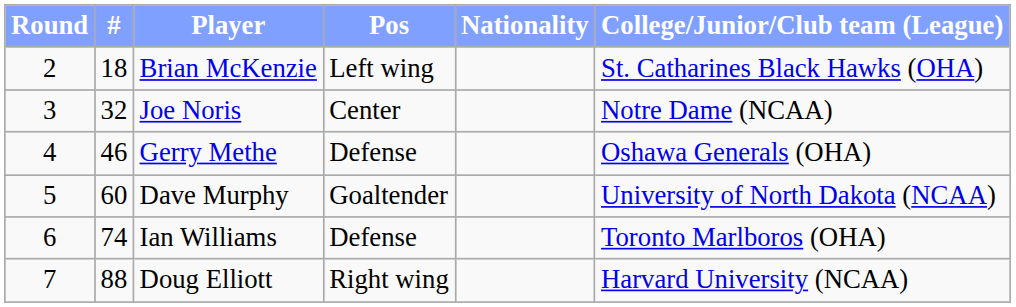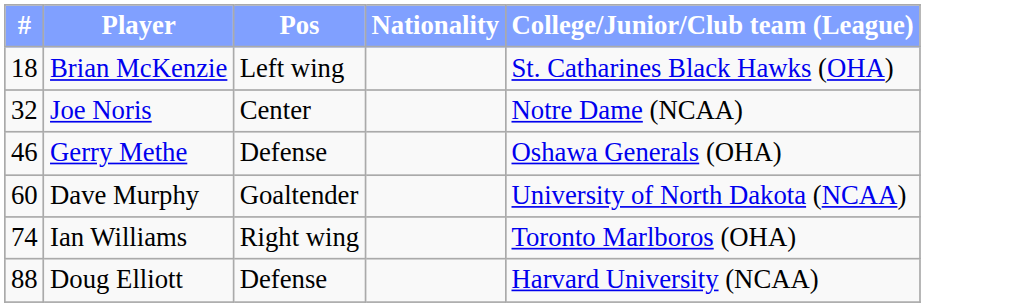 <table class="wikitable">
 <tr>
-<th style="color:white; background:#80A0FF; ">Round</th>
 <th style="color:white; background:#80A0FF; ">#</th>
 <th style="color:white; background:#80A0FF; ">Player</th>
 <th style="color:white; background:#80A0FF; ">Pos</th>
 <th style="color:white; background:#80A0FF; ">Nationality</th>
 <th style="color:white; background:#80A0FF; ">College/Junior/Club team (League)</th>
 </tr>
 <tr>
-<td style="text-align:center">2</td>
 <td style="text-align:center">18</td>
 <td><a href='#'>Brian McKenzie</a></td>
 <td>Left wing</td>
 <td></td>
 <td><a href='#'>St. Catharines Black Hawks</a> (<a href='#'>OHA</a>)</td>
 </tr>
 <tr>
-<td style="text-align:center">3</td>
 <td style="text-align:center">32</td>
 <td><a href='#'>Joe Noris</a></td>
 <td>Center</td>
 <td></td>
 <td><a href='#'>Notre Dame</a> (NCAA)</td>
 </tr>
 <tr>
-<td style="text-align:center">4</td>
 <td style="text-align:center">46</td>
 <td><a href='#'>Gerry Methe</a></td>
 <td>Defense</td>
 <td></td>
 <td><a href='#'>Oshawa Generals</a> (OHA)</td>
 </tr>
 <tr>
-<td style="text-align:center">5</td>
 <td style="text-align:center">60</td>
 <td>Dave Murphy</td>
 <td>Goaltender</td>
 <td></td>
 <td><a href='#'>University of North Dakota</a> (<a href='#'>NCAA</a>)</td>
 </tr>
 <tr>
-<td style="text-align:center">6</td>
 <td style="text-align:center">74</td>
 <td>Ian Williams</td>
-<td>Defense</td>
+<td>Right wing</td>
 <td></td>
 <td><a href='#'>Toronto Marlboros</a> (OHA)</td>
 </tr>
 <tr>
-<td style="text-align:center">7</td>
 <td style="text-align:center">88</td>
 <td>Doug Elliott</td>
-<td>Right wing</td>
+<td>Defense</td>
 <td></td>
 <td><a href='#'>Harvard University</a> (NCAA)</td>
 </tr>
 </table>
